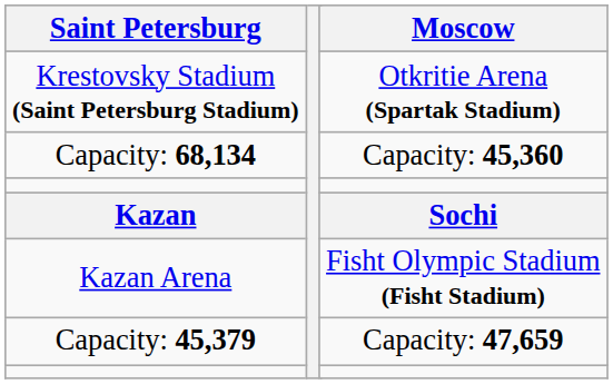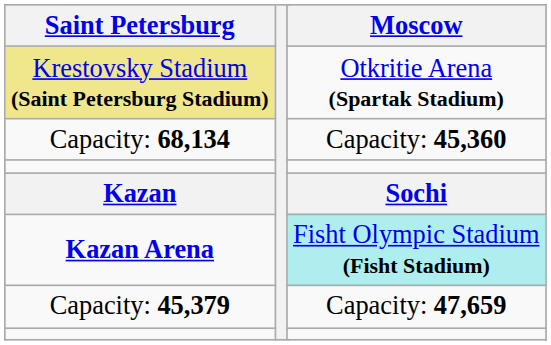 <table class="wikitable" style="text-align:center">
 <tr>
 <th><a href='#'>Saint Petersburg</a></th>
 <th rowspan=8 colspan=2></th>
 <th><a href='#'>Moscow</a></th>
 </tr>
 <tr>
-<td><a href='#'>Krestovsky Stadium</a><br><strong><small>(Saint Petersburg Stadium)</small></strong></td>
+<td style="background: khaki;"><a href='#'>Krestovsky Stadium</a><br><strong><small>(Saint Petersburg Stadium)</small></strong></td>
 <td><a href='#'>Otkritie Arena</a><br><strong><small>(Spartak Stadium)</small></strong></td>
 </tr>
 <tr>
 <td>Capacity: <strong>68,134</strong></td>
 <td>Capacity: <strong>45,360</strong></td>
 </tr>
 <tr>
 <td></td>
 <td></td>
 </tr>
 <tr>
 <th><a href='#'>Kazan</a></th>
 <th><a href='#'>Sochi</a></th>
 </tr>
 <tr>
-<td><a href='#'>Kazan Arena</a></td>
-<td><a href='#'>Fisht Olympic Stadium</a><br><strong><small>(Fisht Stadium)</small></strong></td>
+<td><strong><a href='#'>Kazan Arena</a></strong></td>
+<td style="background: paleturquoise;"><a href='#'>Fisht Olympic Stadium</a><br><strong><small>(Fisht Stadium)</small></strong></td>
 </tr>
 <tr>
 <td>Capacity: <strong>45,379</strong></td>
 <td>Capacity: <strong>47,659</strong></td>
 </tr>
 <tr>
 <td></td>
 <td></td>
 </tr>
 </table>
